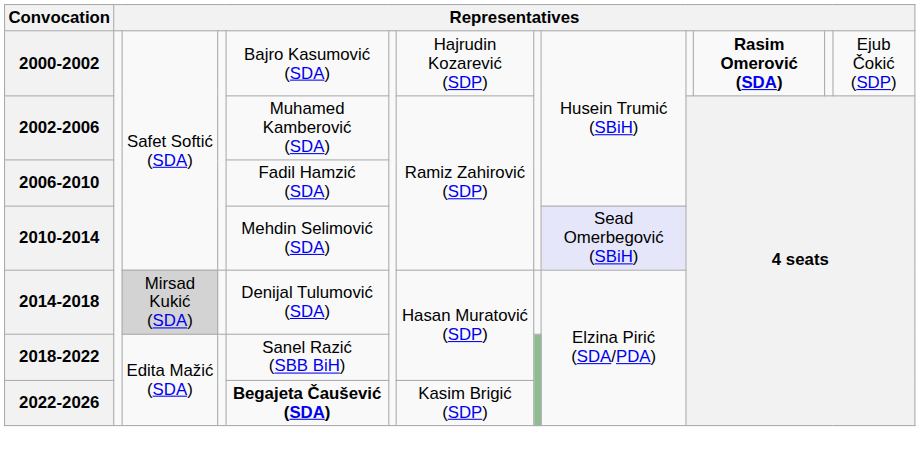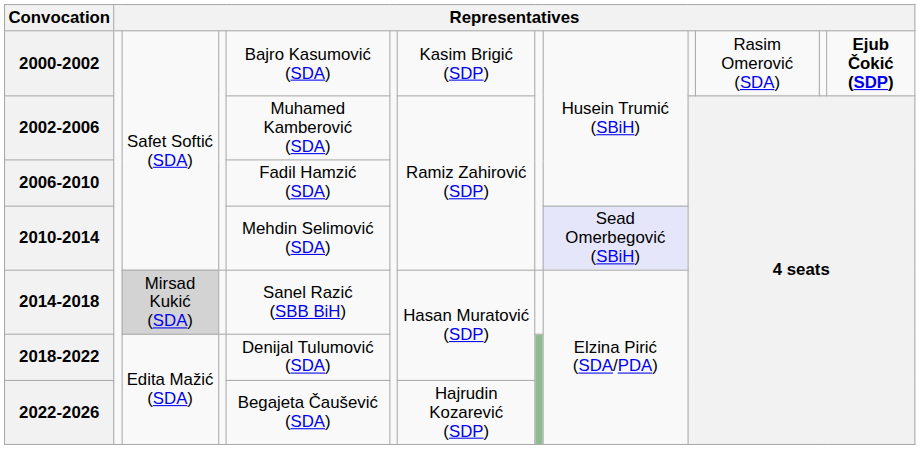 <table class="wikitable" style="text-align:center">
 <tr>
 <th>Convocation</th>
 <th colspan=12>Representatives</th>
 </tr>
 <tr>
 <th>2000-2002</th>
 <td rowspan=7; style="background-color: "></td>
 <td rowspan=4>Safet Softić<br>(<a href='#'>SDA</a>)</td>
 <td rowspan=4; style="background-color: "></td>
 <td rowspan=1>Bajro Kasumović<br>(<a href='#'>SDA</a>)</td>
 <td rowspan=7; style="background-color: "></td>
-<td rowspan=1>Hajrudin Kozarević<br>(<a href='#'>SDP</a>)</td>
+<td rowspan=1>Kasim Brigić<br>(<a href='#'>SDP</a>)</td>
 <td rowspan=4; style="background-color: "></td>
 <td rowspan=3>Husein Trumić<br>(<a href='#'>SBiH</a>)</td>
 <td rowspan=1; style="background-color: "></td>
-<td rowspan=1><strong>Rasim Omerović<br>(<a href='#'>SDA</a>)</strong></td>
+<td rowspan=1>Rasim Omerović<br>(<a href='#'>SDA</a>)</td>
 <td rowspan=1; style="background-color: "></td>
-<td rowspan=1>Ejub Čokić<br>(<a href='#'>SDP</a>)</td>
+<td rowspan=1><strong>Ejub Čokić<br>(<a href='#'>SDP</a>)</strong></td>
 </tr>
 <tr>
 <th>2002-2006</th>
 <td rowspan=1>Muhamed Kamberović<br>(<a href='#'>SDA</a>)</td>
 <td rowspan=3>Ramiz Zahirović<br>(<a href='#'>SDP</a>)</td>
 <th colspan=4; rowspan=6>4 seats</th>
 </tr>
 <tr>
 <th>2006-2010</th>
 <td rowspan=1>Fadil Hamzić<br>(<a href='#'>SDA</a>)</td>
 </tr>
 <tr>
 <th>2010-2014</th>
 <td rowspan=1>Mehdin Selimović<br>(<a href='#'>SDA</a>)</td>
 <td rowspan=1 style="background: lavender;">Sead Omerbegović<br>(<a href='#'>SBiH</a>)</td>
 </tr>
 <tr>
 <th>2014-2018</th>
 <td rowspan=1 style="background: lightgrey;">Mirsad Kukić<br>(<a href='#'>SDA</a>)</td>
 <td rowspan=1; style="background-color: "></td>
-<td rowspan=1>Denijal Tulumović<br>(<a href='#'>SDA</a>)</td>
+<td rowspan=1>Sanel Razić<br>(<a href='#'>SBB BiH</a>)</td>
 <td rowspan=2>Hasan Muratović<br>(<a href='#'>SDP</a>)</td>
 <td rowspan=1; style="background-color: "></td>
 <td rowspan=3>Elzina Pirić<br>(<a href='#'>SDA</a>/<a href='#'>PDA</a>)</td>
 </tr>
 <tr>
 <th>2018-2022</th>
 <td rowspan=2>Edita Mažić<br>(<a href='#'>SDA</a>)</td>
 <td rowspan=2; style="background-color: "></td>
-<td rowspan=1>Sanel Razić<br>(<a href='#'>SBB BiH</a>)</td>
+<td rowspan=1>Denijal Tulumović<br>(<a href='#'>SDA</a>)</td>
 <td rowspan=2; style="background-color: #8fbc8f"></td>
 </tr>
 <tr>
 <th>2022-2026</th>
-<td rowspan=1><strong>Begajeta Čaušević<br>(<a href='#'>SDA</a>)</strong></td>
-<td rowspan=1>Kasim Brigić<br>(<a href='#'>SDP</a>)</td>
+<td rowspan=1>Begajeta Čaušević<br>(<a href='#'>SDA</a>)</td>
+<td rowspan=1>Hajrudin Kozarević<br>(<a href='#'>SDP</a>)</td>
 </tr>
 </table>
